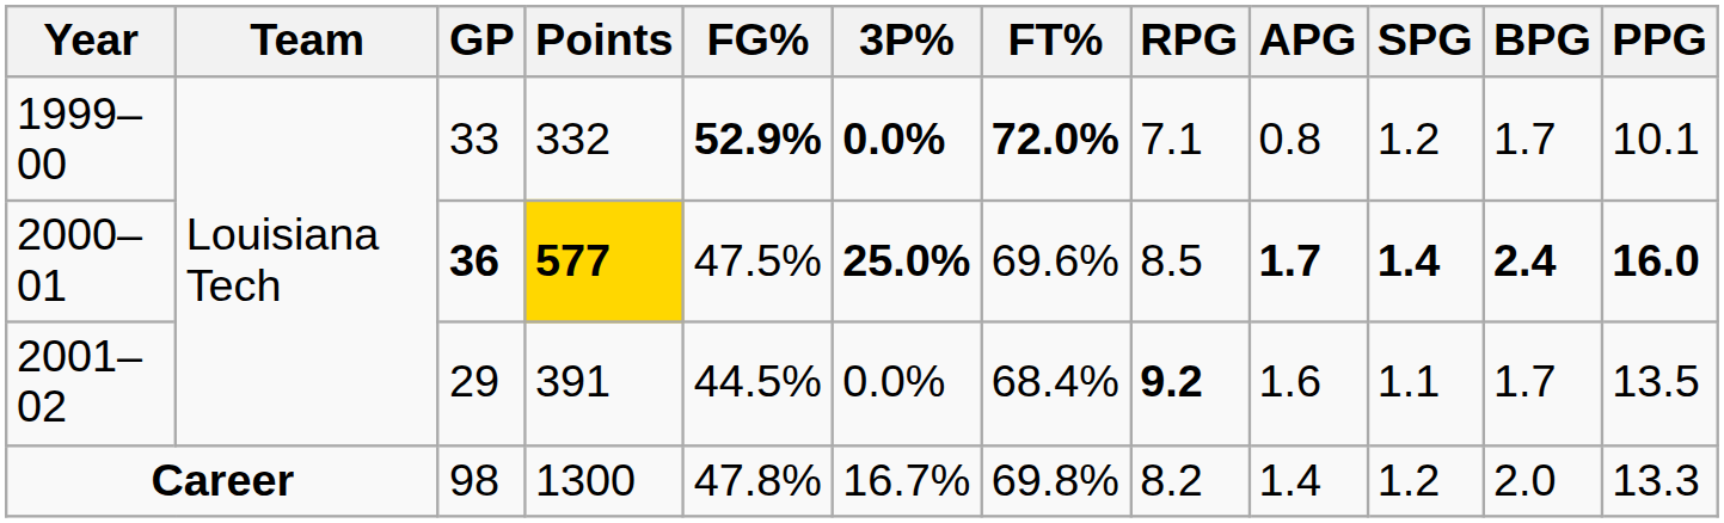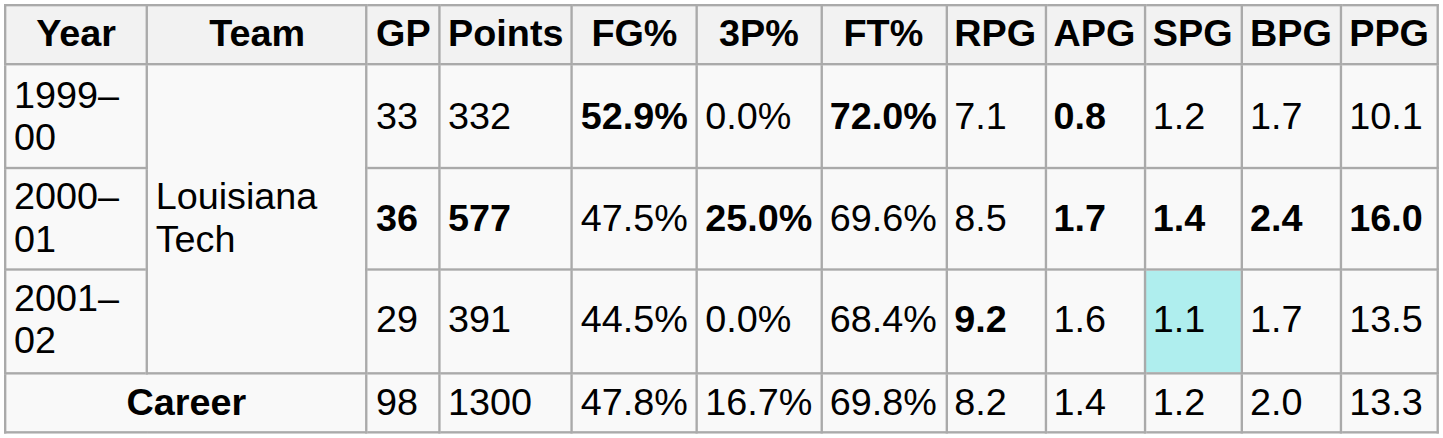 <table class="wikitable sortable">
 <tr>
 <th>Year</th>
 <th>Team</th>
 <th>GP</th>
 <th>Points</th>
 <th>FG%</th>
 <th>3P%</th>
 <th>FT%</th>
 <th>RPG</th>
 <th>APG</th>
 <th>SPG</th>
 <th>BPG</th>
 <th>PPG</th>
 </tr>
 <tr>
 <td>1999–00</td>
 <td rowspan=3>Louisiana Tech</td>
 <td>33</td>
 <td>332</td>
 <td><strong>52.9%</strong></td>
-<td><strong>0.0%</strong></td>
+<td>0.0%</td>
 <td><strong>72.0%</strong></td>
 <td>7.1</td>
-<td>0.8</td>
+<td><strong>0.8</strong></td>
 <td>1.2</td>
 <td>1.7</td>
 <td>10.1</td>
 </tr>
 <tr>
 <td>2000–01</td>
 <td><strong>36</strong></td>
-<td style="background: gold;"><strong>577</strong></td>
+<td><strong>577</strong></td>
 <td>47.5%</td>
 <td><strong>25.0%</strong></td>
 <td>69.6%</td>
 <td>8.5</td>
 <td><strong>1.7</strong></td>
 <td><strong>1.4</strong></td>
 <td><strong>2.4</strong></td>
 <td><strong>16.0</strong></td>
 </tr>
 <tr>
 <td>2001–02</td>
 <td>29</td>
 <td>391</td>
 <td>44.5%</td>
 <td>0.0%</td>
 <td>68.4%</td>
 <td><strong>9.2</strong></td>
 <td>1.6</td>
-<td>1.1</td>
+<td style="background: paleturquoise;">1.1</td>
 <td>1.7</td>
 <td>13.5</td>
 </tr>
 <tr class="sortbottom">
 <td colspan=2 align=center><strong>Career</strong></td>
 <td>98</td>
 <td>1300</td>
 <td>47.8%</td>
 <td>16.7%</td>
 <td>69.8%</td>
 <td>8.2</td>
 <td>1.4</td>
 <td>1.2</td>
 <td>2.0</td>
 <td>13.3</td>
 </tr>
 </table>
